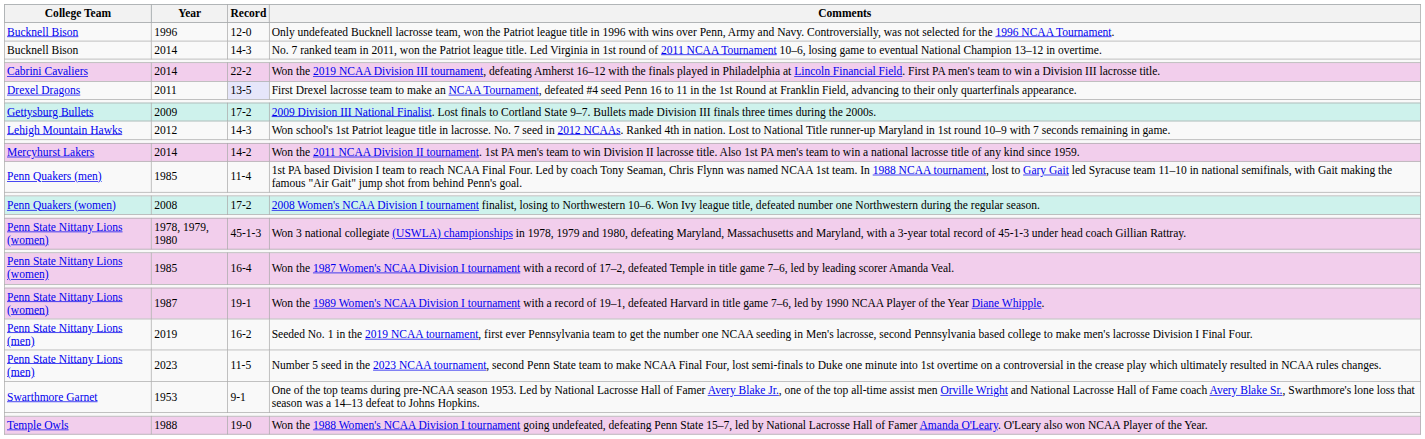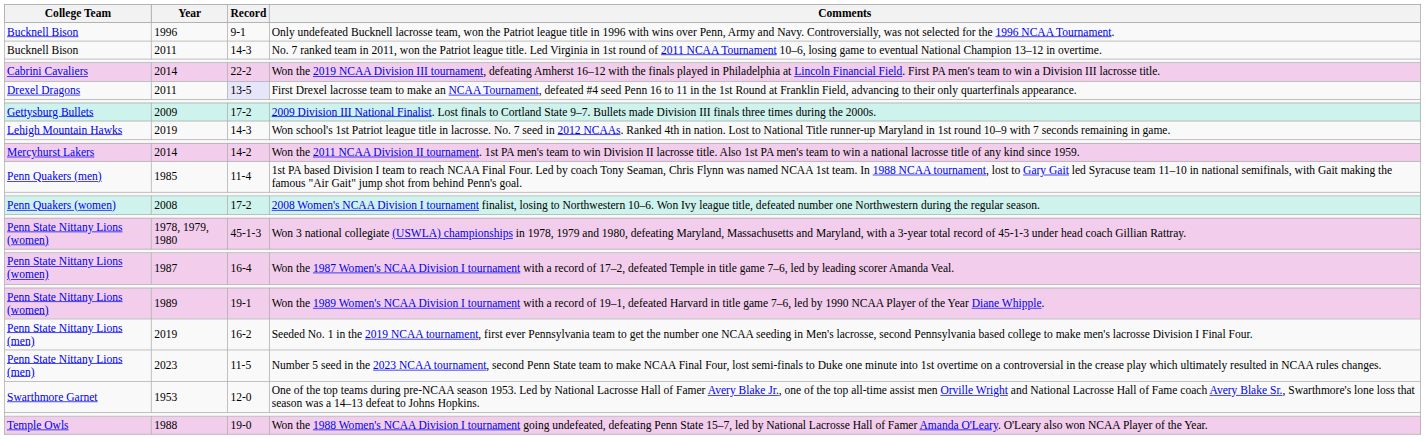 <table BORDER="1" CELLPADDING="4" CELLSPACING="1" ID="Table1" | class="wikitable sortable">
 <tr ALIGN="left" bgcolor=#003e5d style="color:black">
 <th ALIGN="left">College Team</th>
 <th>Year</th>
 <th>Record</th>
 <th>Comments</th>
 </tr>
 <tr ALIGN="left" style="height:5px">
 <td ALIGN="left" style="height:5px"><a href='#'>Bucknell Bison</a></td>
 <td>1996</td>
-<td>12-0</td>
+<td>9-1</td>
 <td>Only undefeated Bucknell lacrosse team, won the Patriot league title in 1996 with wins over Penn, Army and Navy. Controversially, was not selected for the <a href='#'>1996 NCAA Tournament</a>.</td>
 </tr>
 <tr ALIGN="left" style="height:5px">
 <td ALIGN="left" style="height:5px">Bucknell Bison</td>
-<td>2014</td>
+<td>2011</td>
 <td>14-3</td>
 <td>No. 7 ranked team in 2011, won the Patriot league title. Led Virginia in 1st round of <a href='#'>2011 NCAA Tournament</a> 10–6, losing game to eventual National Champion 13–12 in overtime.</td>
 </tr>
 <tr ALIGN="left" style="height:5px">
 </tr>
 <tr bgcolor="#F2CEEC">
 <td ALIGN="left" style="height:5px"><a href='#'>Cabrini Cavaliers</a></td>
 <td>2014</td>
 <td>22-2</td>
 <td>Won the <a href='#'>2019 NCAA Division III tournament</a>, defeating Amherst 16–12 with the finals played in Philadelphia at <a href='#'>Lincoln Financial Field</a>. First PA men's team to win a Division III lacrosse title.</td>
 </tr>
 <tr ALIGN="left" style="height:5px">
 <td ALIGN="left" style="height:5px"><a href='#'>Drexel Dragons</a></td>
 <td>2011</td>
 <td style="background: lavender;">13-5</td>
 <td>First Drexel lacrosse team to make an <a href='#'>NCAA Tournament</a>, defeated #4 seed Penn 16 to 11 in the 1st Round at Franklin Field, advancing to their only quarterfinals appearance.</td>
 </tr>
 <tr ALIGN="left" style="height:5px">
 </tr>
 <tr bgcolor="#CEF2EC">
 <td ALIGN="left" style="height:5px"><a href='#'>Gettysburg Bullets</a></td>
 <td>2009</td>
 <td>17-2</td>
 <td><a href='#'>2009 Division III National Finalist</a>. Lost finals to Cortland State 9–7. Bullets made Division III finals three times during the 2000s.</td>
 </tr>
 <tr ALIGN="left" style="height:5px">
 <td ALIGN="left" style="height:5px"><a href='#'>Lehigh Mountain Hawks</a></td>
-<td>2012</td>
+<td>2019</td>
 <td>14-3</td>
 <td>Won school's 1st Patriot league title in lacrosse. No. 7 seed in <a href='#'>2012 NCAAs</a>. Ranked 4th in nation. Lost to National Title runner-up Maryland in 1st round 10–9 with 7 seconds remaining in game.</td>
 </tr>
 <tr ALIGN="left" style="height:5px">
 </tr>
 <tr bgcolor="#F2CEEC">
 <td ALIGN="left" style="height:5px"><a href='#'>Mercyhurst Lakers</a></td>
 <td>2014</td>
 <td>14-2</td>
 <td>Won the <a href='#'>2011 NCAA Division II tournament</a>. 1st PA men's team to win Division II lacrosse title. Also 1st PA men's team to win a national lacrosse title of any kind since 1959.</td>
 </tr>
 <tr ALIGN="left" style="height:5px">
 <td ALIGN="left" style="height:5px"><a href='#'>Penn Quakers (men)</a></td>
 <td>1985</td>
 <td>11-4</td>
 <td>1st PA based Division I team to reach NCAA Final Four. Led by coach Tony Seaman, Chris Flynn was named NCAA 1st team. In <a href='#'>1988 NCAA tournament</a>, lost to <a href='#'>Gary Gait</a> led Syracuse team 11–10 in national semifinals, with Gait making the famous "Air Gait" jump shot from behind Penn's goal.</td>
 </tr>
 <tr ALIGN="left" style="height:5px">
 </tr>
 <tr bgcolor="#CEF2EC">
 <td ALIGN="left" style="height:5px"><a href='#'>Penn Quakers (women)</a></td>
 <td>2008</td>
 <td>17-2</td>
 <td><a href='#'>2008 Women's NCAA Division I tournament</a> finalist, losing to Northwestern 10–6. Won Ivy league title, defeated number one Northwestern during the regular season.</td>
 </tr>
 <tr ALIGN="left" style="height:5px">
 </tr>
 <tr bgcolor="#F2CEEC">
 <td ALIGN="left" style="height:5px"><a href='#'>Penn State Nittany Lions (women)</a></td>
 <td>1978, 1979, 1980</td>
 <td>45-1-3</td>
 <td>Won 3 national collegiate <a href='#'>(USWLA) championships</a> in 1978, 1979 and 1980, defeating Maryland, Massachusetts and Maryland, with a 3-year total record of 45-1-3 under head coach Gillian Rattray.</td>
 </tr>
 <tr ALIGN="left" style="height:5px">
 </tr>
 <tr bgcolor="#F2CEEC">
 <td ALIGN="left" style="height:5px"><a href='#'>Penn State Nittany Lions (women)</a></td>
-<td>1985</td>
+<td>1987</td>
 <td>16-4</td>
 <td>Won the <a href='#'>1987 Women's NCAA Division I tournament</a> with a record of 17–2, defeated Temple in title game 7–6, led by leading scorer Amanda Veal.</td>
 </tr>
 <tr ALIGN="left" style="height:5px">
 </tr>
 <tr bgcolor="#F2CEEC">
 <td ALIGN="left" style="height:5px"><a href='#'>Penn State Nittany Lions (women)</a></td>
-<td>1987</td>
+<td>1989</td>
 <td>19-1</td>
 <td>Won the <a href='#'>1989 Women's NCAA Division I tournament</a> with a record of 19–1, defeated Harvard in title game 7–6, led by 1990 NCAA Player of the Year <a href='#'>Diane Whipple</a>.</td>
 </tr>
 <tr ALIGN="left" style="height:5px">
 <td ALIGN="left" style="height:5px"><a href='#'>Penn State Nittany Lions (men)</a></td>
 <td>2019</td>
 <td>16-2</td>
 <td>Seeded No. 1 in the <a href='#'>2019 NCAA tournament</a>, first ever Pennsylvania team to get the number one NCAA seeding in Men's lacrosse, second Pennsylvania based college to make men's lacrosse Division I Final Four.</td>
 </tr>
 <tr ALIGN="left" style="height:5px">
 <td ALIGN="left" style="height:5px"><a href='#'>Penn State Nittany Lions (men)</a></td>
 <td>2023</td>
 <td>11-5</td>
 <td>Number 5 seed in the <a href='#'>2023 NCAA tournament</a>, second Penn State team to make NCAA Final Four, lost semi-finals to Duke one minute into 1st overtime on a controversial in the crease play which ultimately resulted in NCAA rules changes.</td>
 </tr>
 <tr ALIGN="left" style="height:5px">
 <td ALIGN="left" style="height:5px"><a href='#'>Swarthmore Garnet</a></td>
 <td>1953</td>
-<td>9-1</td>
+<td>12-0</td>
 <td>One of the top teams during pre-NCAA season 1953. Led by National Lacrosse Hall of Famer <a href='#'>Avery Blake Jr.</a>, one of the top all-time assist men <a href='#'>Orville Wright</a> and National Lacrosse Hall of Fame coach <a href='#'>Avery Blake Sr.</a>, Swarthmore's lone loss that season was a 14–13 defeat to Johns Hopkins.</td>
 </tr>
 <tr ALIGN="left" style="height:5px">
 </tr>
 <tr bgcolor="#F2CEEC">
 <td ALIGN="left" style="height:5px"><a href='#'>Temple Owls</a></td>
 <td>1988</td>
 <td>19-0</td>
 <td>Won the <a href='#'>1988 Women's NCAA Division I tournament</a> going undefeated, defeating  Penn State 15–7, led by National Lacrosse Hall of Famer <a href='#'>Amanda O'Leary</a>. O'Leary also won NCAA Player of the Year.</td>
 </tr>
 </table>
